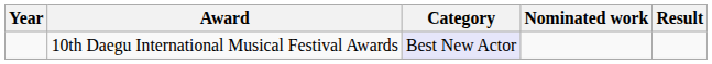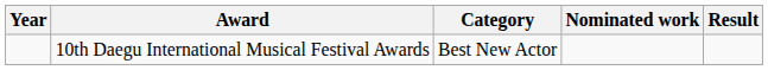 <table class="wikitable">
 <tr>
 <th>Year</th>
 <th>Award</th>
 <th>Category</th>
 <th>Nominated work</th>
 <th>Result</th>
 </tr>
 <tr>
 <td></td>
 <td>10th Daegu International Musical Festival Awards</td>
-<td style="background: lavender;">Best New Actor</td>
+<td>Best New Actor</td>
 <td></td>
 <td></td>
 </tr>
 <tr>
 </tr>
 </table>
